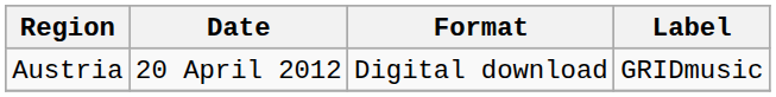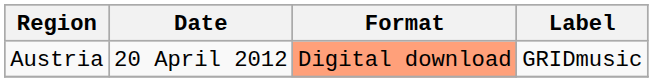 <table class=wikitable>
 <tr>
 <th>Region</th>
 <th>Date</th>
 <th>Format</th>
 <th>Label</th>
 </tr>
 <tr>
 <td>Austria</td>
 <td>20 April 2012</td>
-<td>Digital download</td>
+<td style="background: lightsalmon;">Digital download</td>
 <td>GRIDmusic</td>
 </tr>
 <tr>
 </tr>
 </table>
